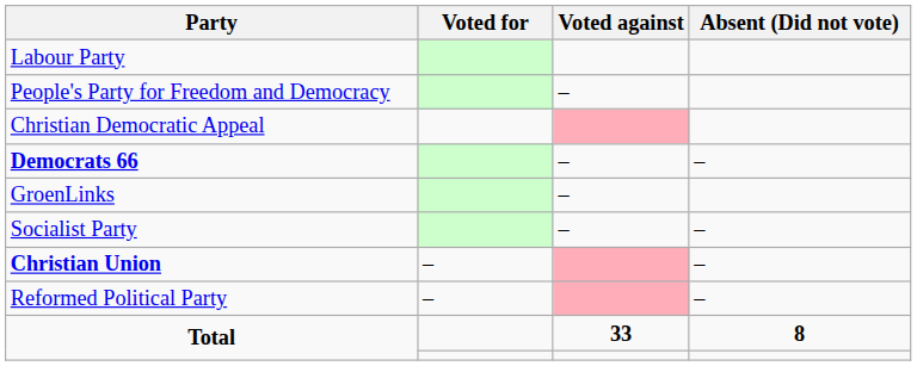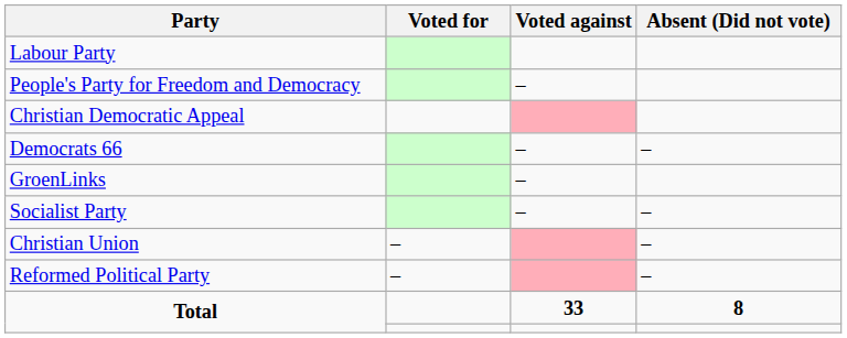 <table class="wikitable">
 <tr>
 <th>Party</th>
 <th style="width:15%;">Voted for</th>
 <th style="width:15%;">Voted against</th>
 <th>Absent (Did not vote)</th>
 </tr>
 <tr>
 <td> <a href='#'>Labour Party</a></td>
 <td style="background:#cfc;"></td>
 <td></td>
 <td></td>
 </tr>
 <tr>
 <td> <a href='#'>People's Party for Freedom and Democracy</a></td>
 <td style="background:#cfc;"></td>
 <td>–</td>
 <td></td>
 </tr>
 <tr>
 <td> <a href='#'>Christian Democratic Appeal</a></td>
 <td></td>
 <td style="background:#ffaeb9;"></td>
 <td></td>
 </tr>
 <tr>
-<td><strong> <a href='#'>Democrats 66</a></strong></td>
+<td> <a href='#'>Democrats 66</a></td>
 <td style="background:#cfc;"></td>
 <td>–</td>
 <td>–</td>
 </tr>
 <tr>
 <td> <a href='#'>GroenLinks</a></td>
 <td style="background:#cfc;"></td>
 <td>–</td>
 <td></td>
 </tr>
 <tr>
 <td> <a href='#'>Socialist Party</a></td>
 <td style="background:#cfc;"></td>
 <td>–</td>
 <td>–</td>
 </tr>
 <tr>
-<td><strong> <a href='#'>Christian Union</a></strong></td>
+<td> <a href='#'>Christian Union</a></td>
 <td>–</td>
 <td style="background:#ffaeb9;"></td>
 <td>–</td>
 </tr>
 <tr>
 <td> <a href='#'>Reformed Political Party</a></td>
 <td>–</td>
 <td style="background:#ffaeb9;"></td>
 <td>–</td>
 </tr>
 <tr>
 <td style="text-align:center;" rowspan="2"><strong>Total</strong></td>
 <td></td>
 <td style="text-align:center;"><strong>33</strong></td>
 <td style="text-align:center;"><strong>8</strong></td>
 </tr>
 <tr>
 <td style="text-align:center;"></td>
 <td style="text-align:center;"></td>
 <td style="text-align:center;"></td>
 </tr>
 </table>
